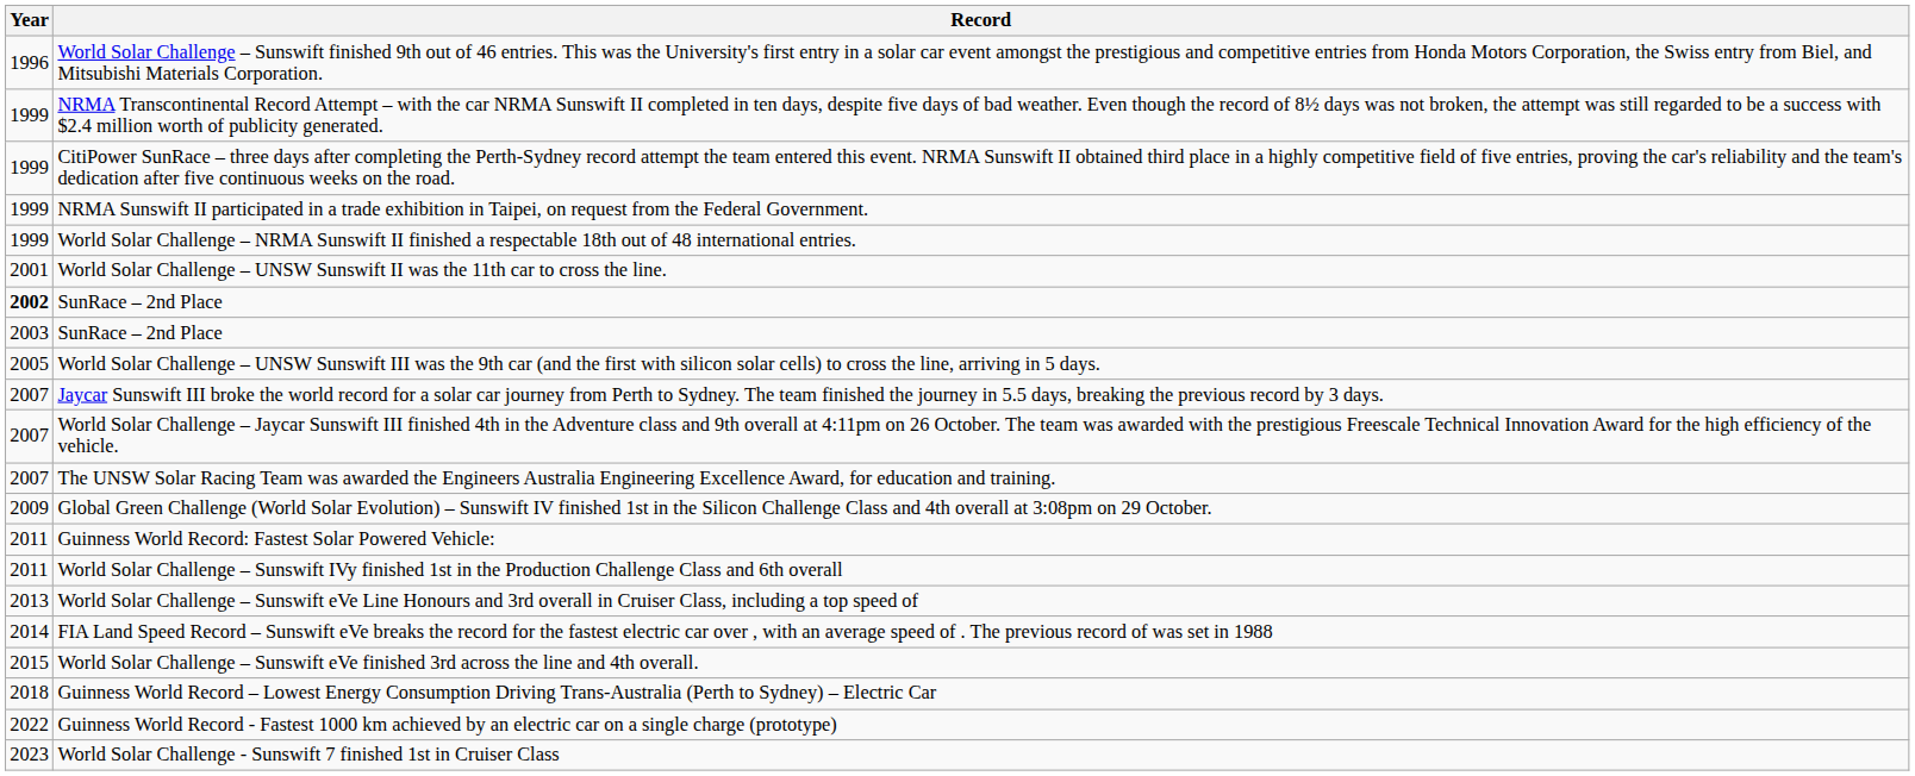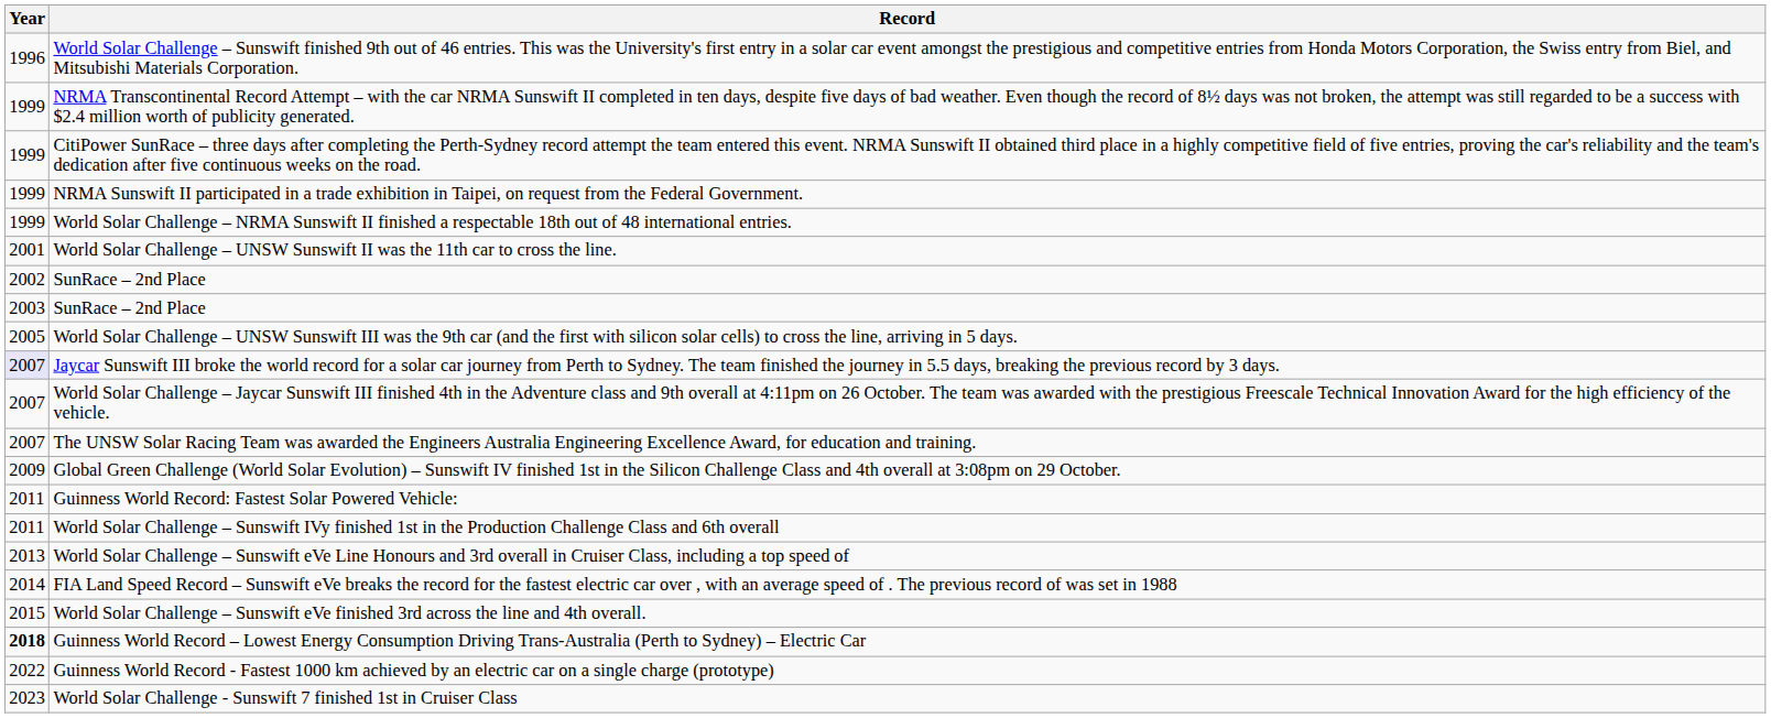 <table class="wikitable">
 <tr>
 <th>Year</th>
 <th>Record</th>
 </tr>
 <tr>
 <td>1996</td>
 <td><a href='#'>World Solar Challenge</a> – Sunswift finished 9th out of 46 entries. This was the University's first entry in a solar car event amongst the prestigious and competitive entries from Honda Motors Corporation, the Swiss entry from Biel, and Mitsubishi Materials Corporation.</td>
 </tr>
 <tr>
 <td>1999</td>
 <td><a href='#'>NRMA</a> Transcontinental Record Attempt – with the car NRMA Sunswift II completed  in ten days, despite five days of bad weather. Even though the record of 8½ days was not broken, the attempt was still regarded to be a success with $2.4 million worth of publicity generated.</td>
 </tr>
 <tr>
 <td>1999</td>
 <td>CitiPower SunRace – three days after completing the Perth-Sydney record attempt the team entered this event. NRMA Sunswift II obtained third place in a highly competitive field of five entries, proving the car's reliability and the team's dedication after five continuous weeks on the road.</td>
 </tr>
 <tr>
 <td>1999</td>
 <td>NRMA Sunswift II participated in a trade exhibition in Taipei, on request from the Federal Government.</td>
 </tr>
 <tr>
 <td>1999</td>
 <td>World Solar Challenge – NRMA Sunswift II finished a respectable 18th out of 48 international entries.</td>
 </tr>
 <tr>
 <td>2001</td>
 <td>World Solar Challenge – UNSW Sunswift II was the 11th car to cross the line.</td>
 </tr>
 <tr>
-<td><strong>2002</strong></td>
+<td>2002</td>
 <td>SunRace – 2nd Place</td>
 </tr>
 <tr>
 <td>2003</td>
 <td>SunRace – 2nd Place</td>
 </tr>
 <tr>
 <td>2005</td>
 <td>World Solar Challenge – UNSW Sunswift III was the 9th car (and the first with silicon solar cells) to cross the line, arriving in 5 days.</td>
 </tr>
 <tr>
-<td>2007</td>
+<td style="background: lavender;">2007</td>
 <td><a href='#'>Jaycar</a> Sunswift III broke the world record for a solar car journey from Perth to Sydney. The team finished the journey in 5.5 days, breaking the previous record by 3 days.</td>
 </tr>
 <tr>
 <td>2007</td>
 <td>World Solar Challenge – Jaycar Sunswift III finished 4th in the Adventure class and 9th overall at 4:11pm on 26 October. The team was awarded with the prestigious Freescale Technical Innovation Award for the high efficiency of the vehicle.</td>
 </tr>
 <tr>
 <td>2007</td>
 <td>The UNSW Solar Racing Team was awarded the Engineers Australia Engineering Excellence Award, for education and training.</td>
 </tr>
 <tr>
 <td>2009</td>
 <td>Global Green Challenge (World Solar Evolution) – Sunswift IV finished 1st in the Silicon Challenge Class and 4th overall at 3:08pm on 29 October.</td>
 </tr>
 <tr>
 <td>2011</td>
 <td>Guinness World Record: Fastest Solar Powered Vehicle: </td>
 </tr>
 <tr>
 <td>2011</td>
 <td>World Solar Challenge – Sunswift IVy finished 1st in the Production Challenge Class and 6th overall</td>
 </tr>
 <tr>
 <td>2013</td>
 <td>World Solar Challenge – Sunswift eVe Line Honours and 3rd overall in Cruiser Class, including a top speed of </td>
 </tr>
 <tr>
 <td>2014</td>
 <td>FIA Land Speed Record – Sunswift eVe breaks the record for the fastest electric car over , with an average speed of . The previous record of  was set in 1988</td>
 </tr>
 <tr>
 <td>2015</td>
 <td>World Solar Challenge – Sunswift eVe finished 3rd across the line and 4th overall.</td>
 </tr>
 <tr>
-<td>2018</td>
+<td><strong>2018</strong></td>
 <td>Guinness World Record – Lowest Energy Consumption Driving Trans-Australia (Perth to Sydney) – Electric Car</td>
 </tr>
 <tr>
 <td>2022</td>
 <td>Guinness World Record - Fastest 1000 km achieved by an electric car on a single charge (prototype) </td>
 </tr>
 <tr>
 <td>2023</td>
 <td>World Solar Challenge - Sunswift 7 finished 1st in Cruiser Class</td>
 </tr>
 </table>
